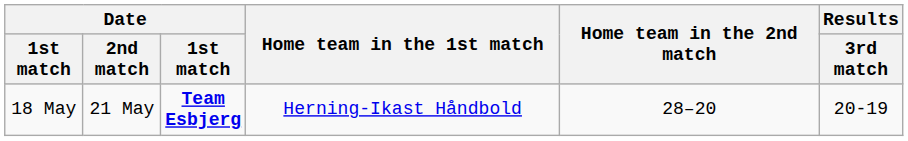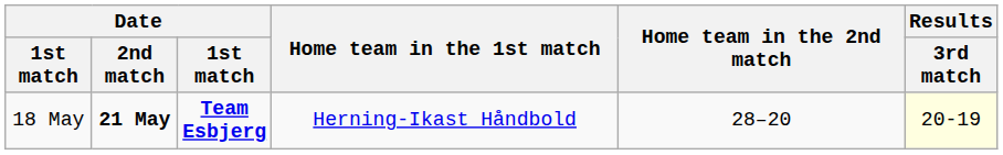 <table class="wikitable" style="text-align:center; margin-left:1em;">
 <tr>
 <th colspan="3">Date</th>
 <th rowspan="2" style="width:220px;">Home team in the 1st match</th>
 <th rowspan="2" style="width:180px;">Home team in the 2nd match</th>
 <th colspan="3">Results</th>
 </tr>
 <tr>
 <th style="width:50px;">1st match</th>
 <th style="width:50px;">2nd match</th>
 <th style="width:50px;">1st match</th>
 <th style="width:50px;">3rd match</th>
 </tr>
 <tr>
 <td>18 May</td>
-<td>21 May</td>
+<td><strong>21 May</strong></td>
 <td><strong><a href='#'>Team Esbjerg</a></strong></td>
 <td><a href='#'>Herning-Ikast Håndbold</a></td>
 <td>28–20</td>
-<td>20-19</td>
+<td style="background: lightyellow;">20-19</td>
 </tr>
 </table>
